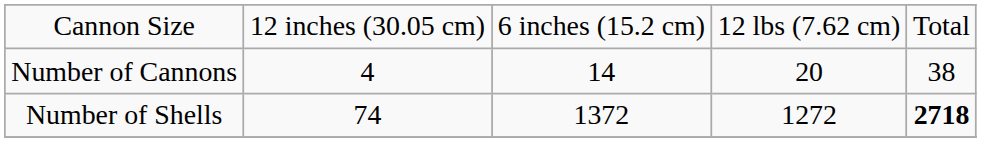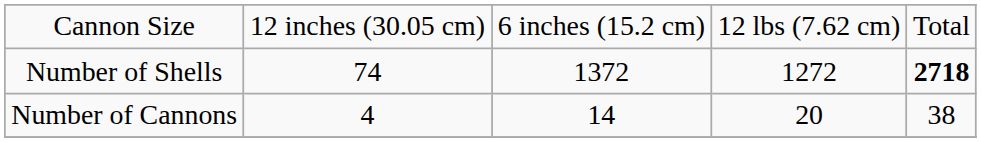 <table class="wikitable" style="text-align:center">
 <tr>
 <td>Cannon Size</td>
 <td>12 inches (30.05 cm)</td>
 <td>6 inches (15.2 cm)</td>
 <td>12 lbs (7.62 cm)</td>
 <td>Total</td>
 </tr>
 <tr>
+<td>Number of Shells</td>
+<td>74</td>
+<td>1372</td>
+<td>1272</td>
+<td><strong>2718</strong></td>
+</tr>
+<tr>
 <td>Number of Cannons</td>
 <td>4</td>
 <td>14</td>
 <td>20</td>
 <td>38</td>
 </tr>
 <tr>
-<td>Number of Shells</td>
-<td>74</td>
-<td>1372</td>
-<td>1272</td>
-<td><strong>2718</strong></td>
-</tr>
-<tr>
 </tr>
 </table>
